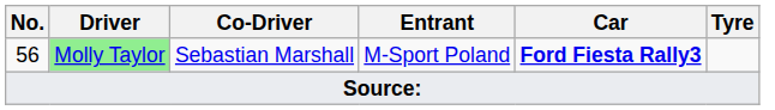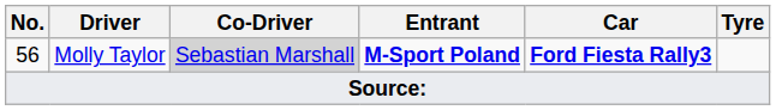 <table class="wikitable" style="font-size: 85%;">
 <tr>
 <th>No.</th>
 <th>Driver</th>
 <th>Co-Driver</th>
 <th>Entrant</th>
 <th>Car</th>
 <th>Tyre</th>
 </tr>
 <tr>
 <td align="center">56</td>
-<td style="background: lightgreen;"> <a href='#'>Molly Taylor</a></td>
-<td> <a href='#'>Sebastian Marshall</a></td>
-<td> <a href='#'>M-Sport Poland</a></td>
+<td> <a href='#'>Molly Taylor</a></td>
+<td style="background: lightgrey;"> <a href='#'>Sebastian Marshall</a></td>
+<td><strong> <a href='#'>M-Sport Poland</a></strong></td>
 <td><strong><a href='#'>Ford Fiesta Rally3</a></strong></td>
 <td align="center"></td>
 </tr>
 <tr>
 <td colspan="6" style="background-color:#EAECF0;text-align:center"><strong>Source:</strong></td>
 </tr>
 </table>
